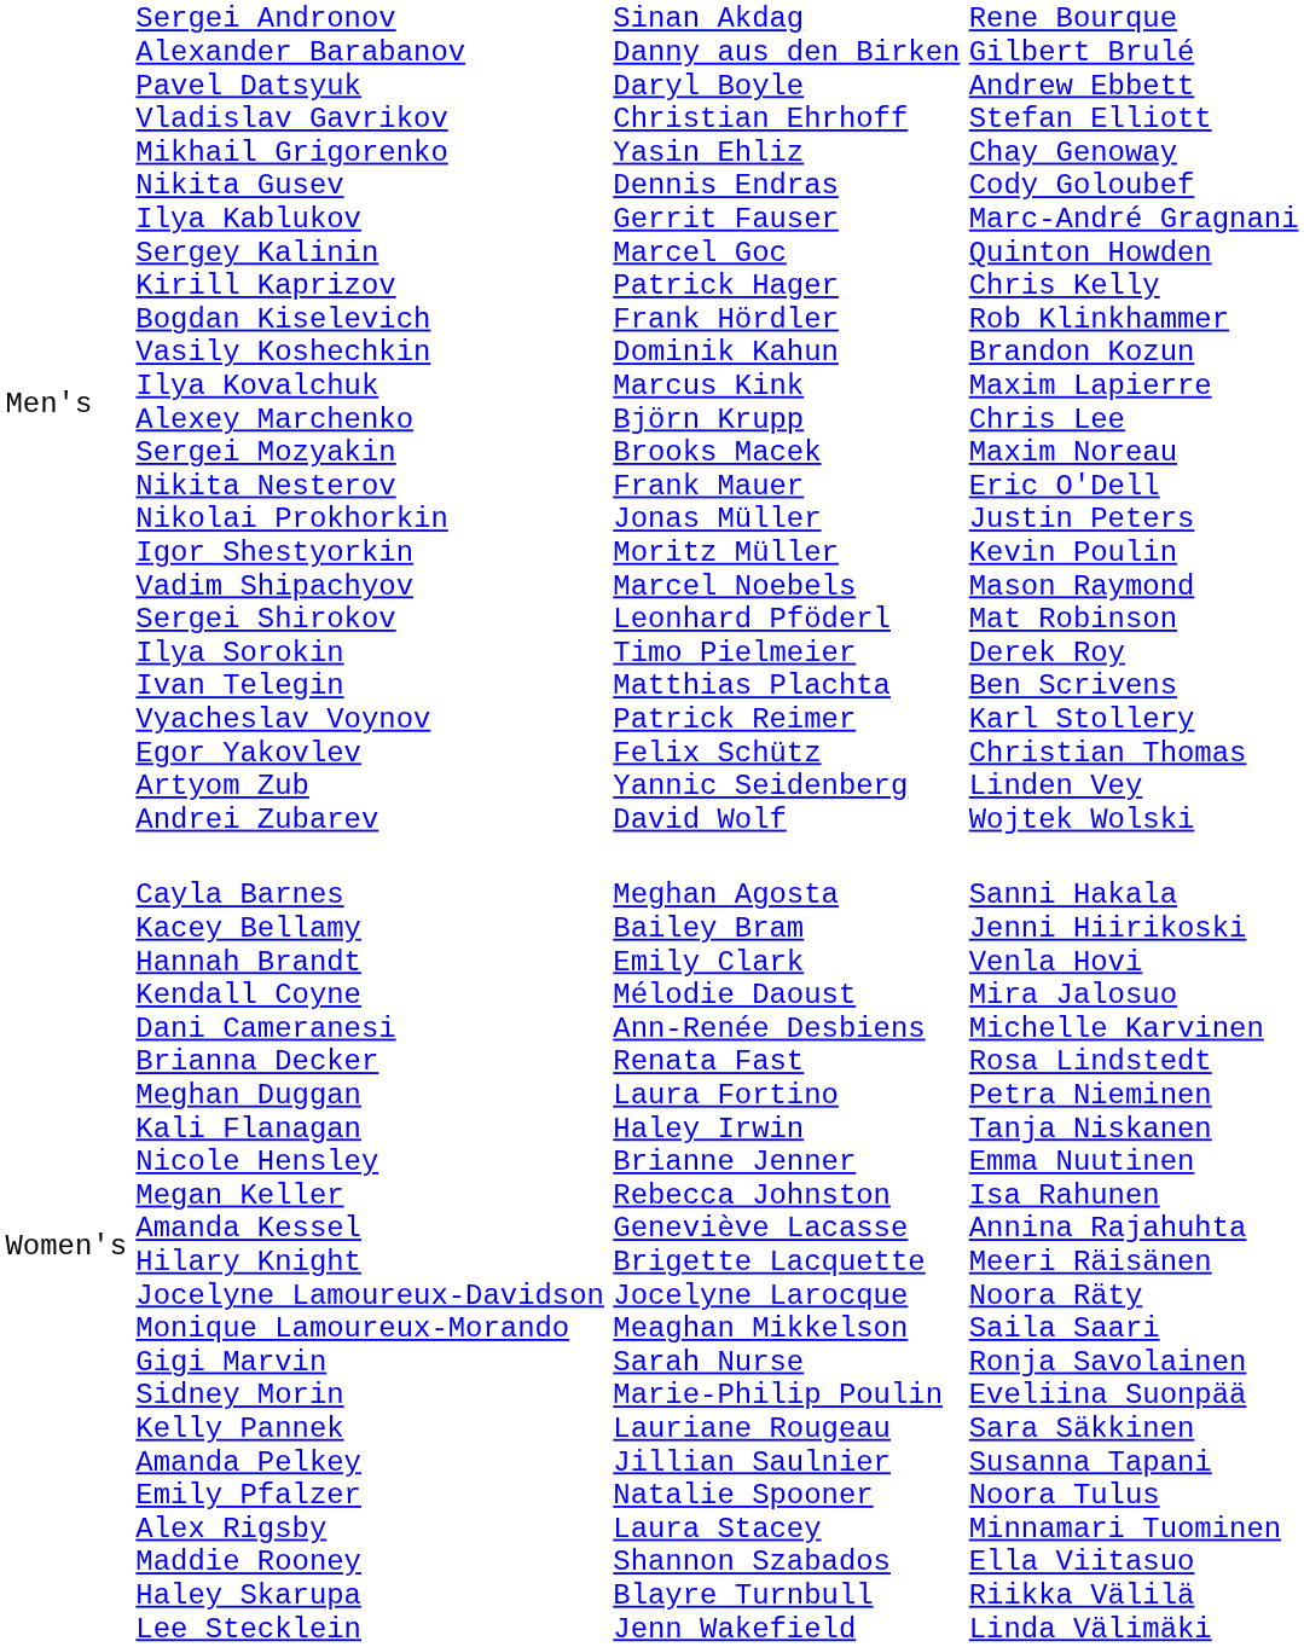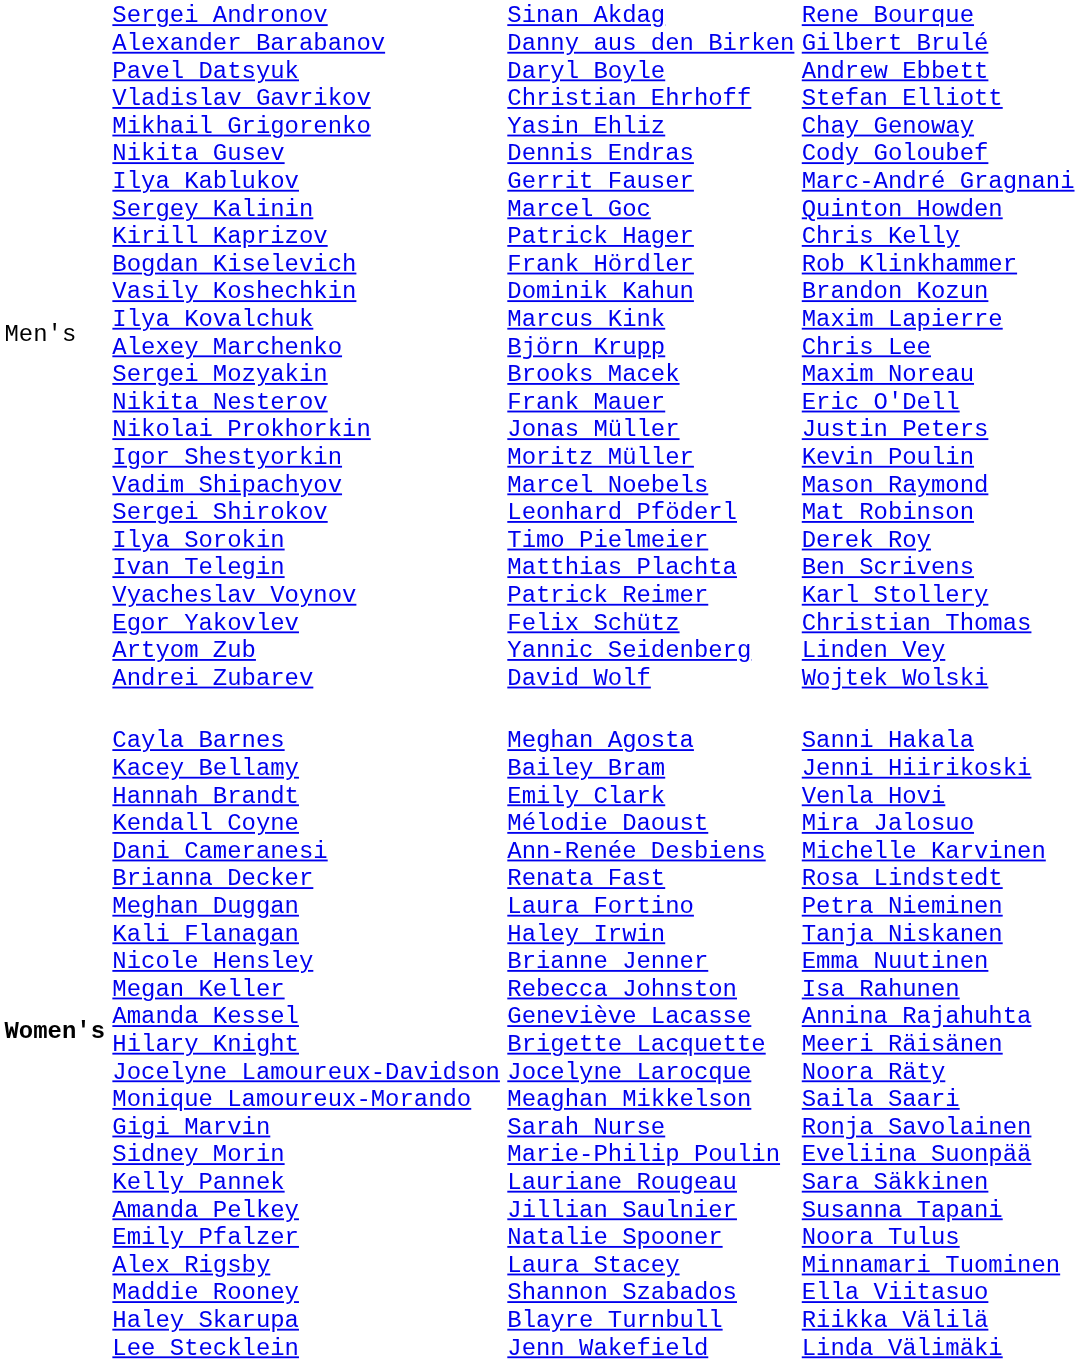 <table>
 <tr>
 <td>Men's<br></td>
 <td><br><a href='#'>Sergei Andronov</a><br><a href='#'>Alexander Barabanov</a><br><a href='#'>Pavel Datsyuk</a><br><a href='#'>Vladislav Gavrikov</a><br><a href='#'>Mikhail Grigorenko</a><br><a href='#'>Nikita Gusev</a><br><a href='#'>Ilya Kablukov</a><br><a href='#'>Sergey Kalinin</a><br><a href='#'>Kirill Kaprizov</a><br><a href='#'>Bogdan Kiselevich</a><br><a href='#'>Vasily Koshechkin</a><br><a href='#'>Ilya Kovalchuk</a><br><a href='#'>Alexey Marchenko</a><br><a href='#'>Sergei Mozyakin</a><br><a href='#'>Nikita Nesterov</a><br><a href='#'>Nikolai Prokhorkin</a><br><a href='#'>Igor Shestyorkin</a><br><a href='#'>Vadim Shipachyov</a><br><a href='#'>Sergei Shirokov</a><br><a href='#'>Ilya Sorokin</a><br><a href='#'>Ivan Telegin</a><br><a href='#'>Vyacheslav Voynov</a><br><a href='#'>Egor Yakovlev</a><br><a href='#'>Artyom Zub</a><br><a href='#'>Andrei Zubarev</a></td>
 <td><br><a href='#'>Sinan Akdag</a><br><a href='#'>Danny aus den Birken</a><br><a href='#'>Daryl Boyle</a><br><a href='#'>Christian Ehrhoff</a><br><a href='#'>Yasin Ehliz</a><br><a href='#'>Dennis Endras</a><br><a href='#'>Gerrit Fauser</a><br><a href='#'>Marcel Goc</a><br><a href='#'>Patrick Hager</a><br><a href='#'>Frank Hördler</a><br><a href='#'>Dominik Kahun</a><br><a href='#'>Marcus Kink</a><br><a href='#'>Björn Krupp</a><br><a href='#'>Brooks Macek</a><br><a href='#'>Frank Mauer</a><br><a href='#'>Jonas Müller</a><br><a href='#'>Moritz Müller</a><br><a href='#'>Marcel Noebels</a><br><a href='#'>Leonhard Pföderl</a><br><a href='#'>Timo Pielmeier</a><br><a href='#'>Matthias Plachta</a><br><a href='#'>Patrick Reimer</a><br><a href='#'>Felix Schütz</a><br><a href='#'>Yannic Seidenberg</a><br><a href='#'>David Wolf</a></td>
 <td><br><a href='#'>Rene Bourque</a><br><a href='#'>Gilbert Brulé</a><br><a href='#'>Andrew Ebbett</a><br><a href='#'>Stefan Elliott</a><br><a href='#'>Chay Genoway</a><br><a href='#'>Cody Goloubef</a><br><a href='#'>Marc-André Gragnani</a><br><a href='#'>Quinton Howden</a><br><a href='#'>Chris Kelly</a><br><a href='#'>Rob Klinkhammer</a><br><a href='#'>Brandon Kozun</a><br><a href='#'>Maxim Lapierre</a><br><a href='#'>Chris Lee</a><br><a href='#'>Maxim Noreau</a><br><a href='#'>Eric O'Dell</a><br><a href='#'>Justin Peters</a><br><a href='#'>Kevin Poulin</a><br><a href='#'>Mason Raymond</a><br><a href='#'>Mat Robinson</a><br><a href='#'>Derek Roy</a><br><a href='#'>Ben Scrivens</a><br><a href='#'>Karl Stollery</a><br><a href='#'>Christian Thomas</a><br><a href='#'>Linden Vey</a><br><a href='#'>Wojtek Wolski</a></td>
 </tr>
 <tr>
-<td>Women's<br></td>
+<td><strong>Women's<br></strong></td>
 <td><br><a href='#'>Cayla Barnes</a><br><a href='#'>Kacey Bellamy</a><br><a href='#'>Hannah Brandt</a><br><a href='#'>Kendall Coyne</a><br><a href='#'>Dani Cameranesi</a><br><a href='#'>Brianna Decker</a><br><a href='#'>Meghan Duggan</a><br><a href='#'>Kali Flanagan</a><br><a href='#'>Nicole Hensley</a><br><a href='#'>Megan Keller</a><br><a href='#'>Amanda Kessel</a><br><a href='#'>Hilary Knight</a><br><a href='#'>Jocelyne Lamoureux-Davidson</a><br><a href='#'>Monique Lamoureux-Morando</a><br><a href='#'>Gigi Marvin</a><br><a href='#'>Sidney Morin</a><br><a href='#'>Kelly Pannek</a><br><a href='#'>Amanda Pelkey</a><br><a href='#'>Emily Pfalzer</a><br><a href='#'>Alex Rigsby</a><br><a href='#'>Maddie Rooney</a><br><a href='#'>Haley Skarupa</a><br><a href='#'>Lee Stecklein</a></td>
 <td><br><a href='#'>Meghan Agosta</a><br><a href='#'>Bailey Bram</a><br><a href='#'>Emily Clark</a><br><a href='#'>Mélodie Daoust</a><br><a href='#'>Ann-Renée Desbiens</a><br><a href='#'>Renata Fast</a><br><a href='#'>Laura Fortino</a><br><a href='#'>Haley Irwin</a><br><a href='#'>Brianne Jenner</a><br><a href='#'>Rebecca Johnston</a><br><a href='#'>Geneviève Lacasse</a><br><a href='#'>Brigette Lacquette</a><br><a href='#'>Jocelyne Larocque</a><br><a href='#'>Meaghan Mikkelson</a><br><a href='#'>Sarah Nurse</a><br><a href='#'>Marie-Philip Poulin</a><br><a href='#'>Lauriane Rougeau</a><br><a href='#'>Jillian Saulnier</a><br><a href='#'>Natalie Spooner</a><br><a href='#'>Laura Stacey</a><br><a href='#'>Shannon Szabados</a><br><a href='#'>Blayre Turnbull</a><br><a href='#'>Jenn Wakefield</a></td>
 <td><br><a href='#'>Sanni Hakala</a><br><a href='#'>Jenni Hiirikoski</a><br><a href='#'>Venla Hovi</a><br><a href='#'>Mira Jalosuo</a><br><a href='#'>Michelle Karvinen</a><br><a href='#'>Rosa Lindstedt</a><br><a href='#'>Petra Nieminen</a><br><a href='#'>Tanja Niskanen</a><br><a href='#'>Emma Nuutinen</a><br><a href='#'>Isa Rahunen</a><br><a href='#'>Annina Rajahuhta</a><br><a href='#'>Meeri Räisänen</a><br><a href='#'>Noora Räty</a><br><a href='#'>Saila Saari</a><br><a href='#'>Ronja Savolainen</a><br><a href='#'>Eveliina Suonpää</a><br><a href='#'>Sara Säkkinen</a><br><a href='#'>Susanna Tapani</a><br><a href='#'>Noora Tulus</a><br><a href='#'>Minnamari Tuominen</a><br><a href='#'>Ella Viitasuo</a><br><a href='#'>Riikka Välilä</a><br><a href='#'>Linda Välimäki</a></td>
 </tr>
 </table>
